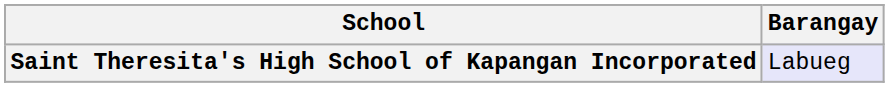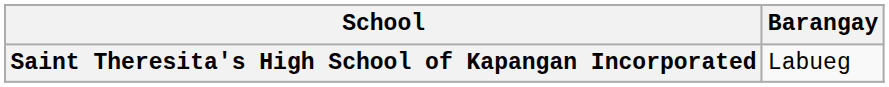 <table class="wikitable collapsible sortable collapsed plainrowheaders" style="font-size:90%;">
 <tr>
 <th scope="col">School</th>
 <th scope="col">Barangay</th>
 </tr>
 <tr>
 <th scope="row">Saint Theresita's High School of Kapangan Incorporated</th>
-<td style="background: lavender;">Labueg</td>
+<td>Labueg</td>
 </tr>
 </table>
